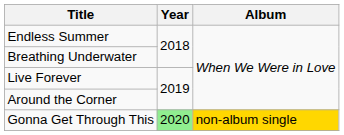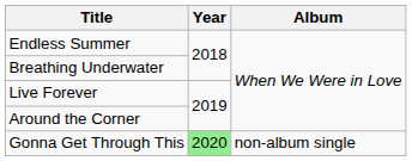 <table class="wikitable">
 <tr>
 <th>Title</th>
 <th>Year</th>
 <th>Album</th>
 </tr>
 <tr>
 <td>Endless Summer</td>
 <td rowspan="2">2018</td>
 <td rowspan="4"><em>When We Were in Love</em></td>
 </tr>
 <tr>
 <td>Breathing Underwater</td>
 </tr>
 <tr>
 <td>Live Forever</td>
 <td rowspan="2">2019</td>
 </tr>
 <tr>
 <td>Around the Corner</td>
 </tr>
 <tr>
 <td>Gonna Get Through This</td>
 <td style="background: lightgreen;">2020</td>
-<td style="background: gold;">non-album single</td>
+<td>non-album single</td>
 </tr>
 </table>
